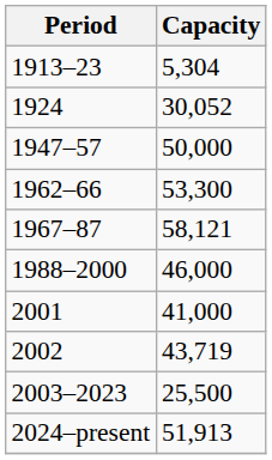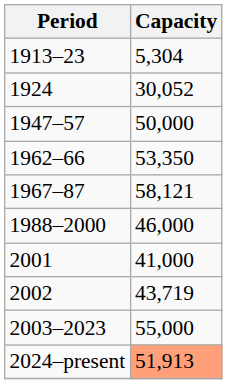 <table class="wikitable">
 <tr>
 <th>Period</th>
 <th>Capacity</th>
 </tr>
 <tr>
 <td>1913–23</td>
 <td>5,304</td>
 </tr>
 <tr>
 <td>1924</td>
 <td>30,052</td>
 </tr>
 <tr>
 <td>1947–57</td>
 <td>50,000</td>
 </tr>
 <tr>
 <td>1962–66</td>
-<td>53,300</td>
+<td>53,350</td>
 </tr>
 <tr>
 <td>1967–87</td>
 <td>58,121</td>
 </tr>
 <tr>
 <td>1988–2000</td>
 <td>46,000</td>
 </tr>
 <tr>
 <td>2001</td>
 <td>41,000</td>
 </tr>
 <tr>
 <td>2002</td>
 <td>43,719</td>
 </tr>
 <tr>
 <td>2003–2023</td>
-<td>25,500</td>
+<td>55,000</td>
 </tr>
 <tr>
 <td>2024–present</td>
-<td>51,913</td>
+<td style="background: lightsalmon;">51,913</td>
 </tr>
 <tr>
 </tr>
 </table>
